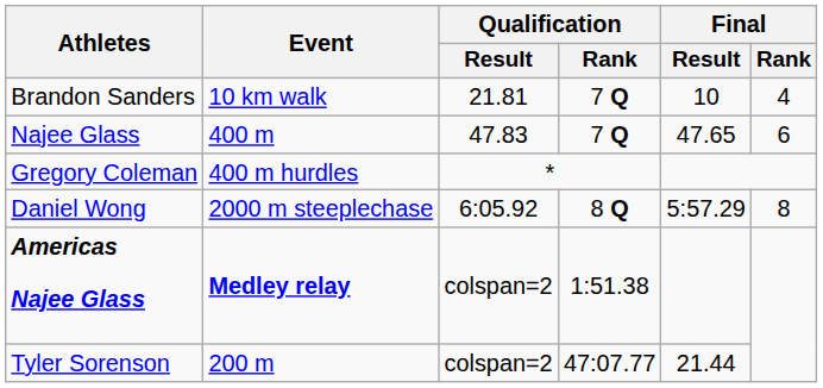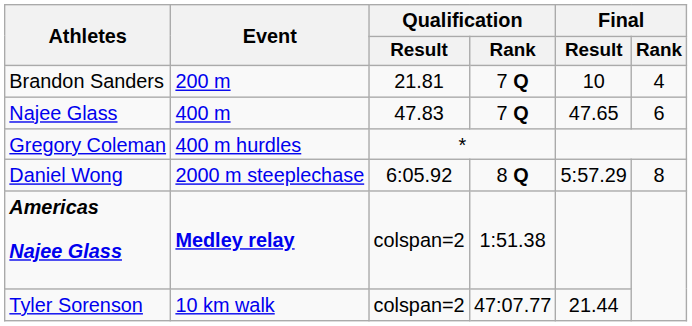 <table class=wikitable style=font-size:90%;text-align:center>
 <tr>
 <th rowspan=2>Athletes</th>
 <th rowspan=2>Event</th>
 <th colspan=2>Qualification</th>
 <th colspan=2>Final</th>
 </tr>
 <tr style=font-size:95%>
 <th>Result</th>
 <th>Rank</th>
 <th>Result</th>
 <th>Rank</th>
 </tr>
 <tr>
 <td align=left>Brandon Sanders</td>
-<td align=left><a href='#'>10 km walk</a></td>
+<td align=left><a href='#'>200 m</a></td>
 <td>21.81</td>
 <td>7 <strong>Q</strong></td>
 <td>10</td>
 <td>4</td>
 </tr>
 <tr>
 <td align=left><a href='#'>Najee Glass</a></td>
 <td align=left><a href='#'>400 m</a></td>
 <td>47.83</td>
 <td>7 <strong>Q</strong></td>
 <td>47.65</td>
 <td>6</td>
 </tr>
 <tr>
 <td align=left><a href='#'>Gregory Coleman</a></td>
 <td align=left><a href='#'>400 m hurdles</a></td>
 <td colspan=2>*</td>
 <td colspan=2></td>
 </tr>
 <tr>
 <td align=left><a href='#'>Daniel Wong</a></td>
 <td align=left><a href='#'>2000 m steeplechase</a></td>
 <td>6:05.92</td>
 <td>8 <strong>Q</strong></td>
 <td>5:57.29</td>
 <td>8</td>
 </tr>
 <tr>
 <td align=left><strong><em>Americas<em><br><br><a href='#'>Najee Glass</a><br><br><strong></td>
 <td align=left><strong><a href='#'>Medley relay</a></strong></td>
 <td>colspan=2 </td>
 <td>1:51.38</td>
 <td></td>
 </tr>
 <tr>
 <td align=left><a href='#'>Tyler Sorenson</a></td>
-<td align=left><a href='#'>200 m</a></td>
+<td align=left><a href='#'>10 km walk</a></td>
 <td>colspan=2 </td>
 <td>47:07.77</td>
 <td>21.44</td>
 </tr>
 </table>
